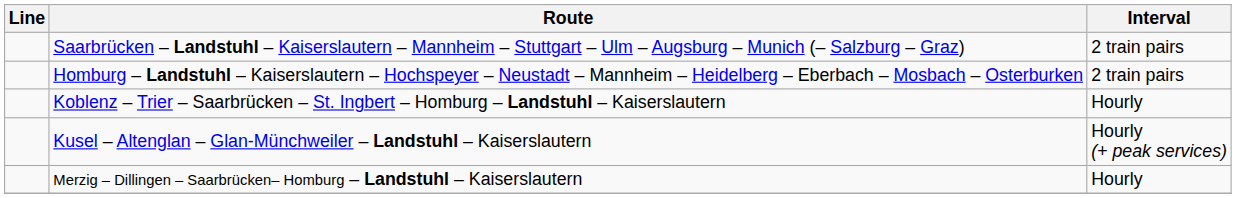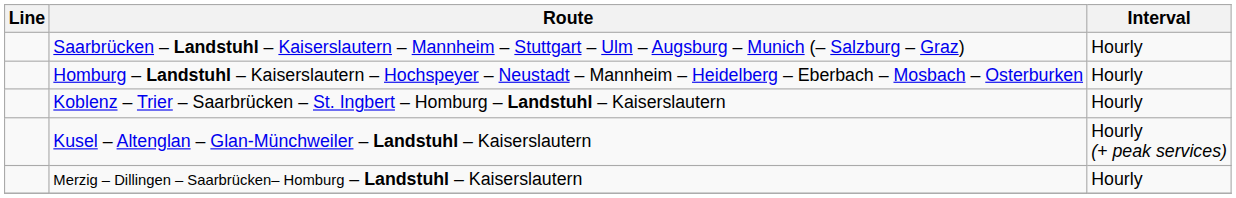 <table class="wikitable">
 <tr>
 <th>Line</th>
 <th>Route</th>
 <th>Interval</th>
 </tr>
 <tr>
 <td align="center"><br></td>
 <td><a href='#'>Saarbrücken</a> – <strong>Landstuhl</strong> – <a href='#'>Kaiserslautern</a> – <a href='#'>Mannheim</a> – <a href='#'>Stuttgart</a> – <a href='#'>Ulm</a> – <a href='#'>Augsburg</a> – <a href='#'>Munich</a> (– <a href='#'>Salzburg</a> – <a href='#'>Graz</a>)</td>
-<td>2 train pairs</td>
+<td>Hourly</td>
 </tr>
 <tr>
 <td align="center"></td>
 <td><a href='#'>Homburg</a> – <strong>Landstuhl</strong> – Kaiserslautern – <a href='#'>Hochspeyer</a> – <a href='#'>Neustadt</a> – Mannheim – <a href='#'>Heidelberg</a> – Eberbach – <a href='#'>Mosbach</a> – <a href='#'>Osterburken</a></td>
-<td>2 train pairs</td>
+<td>Hourly</td>
 </tr>
 <tr>
 <td align="center"></td>
 <td><a href='#'>Koblenz</a> – <a href='#'>Trier</a> – Saarbrücken – <a href='#'>St. Ingbert</a> – Homburg – <strong>Landstuhl</strong> – Kaiserslautern</td>
 <td>Hourly</td>
 </tr>
 <tr>
 <td align="center"></td>
 <td><a href='#'>Kusel</a> – <a href='#'>Altenglan</a> – <a href='#'>Glan-Münchweiler</a> – <strong>Landstuhl</strong> – Kaiserslautern</td>
 <td>Hourly<br> <em>(+ peak services)</em></td>
 </tr>
 <tr>
 <td align="center"></td>
 <td><small>Merzig – Dillingen – Saarbrücken– Homburg</small> – <strong>Landstuhl</strong> – Kaiserslautern</td>
 <td>Hourly</td>
 </tr>
 <tr>
 </tr>
 </table>
